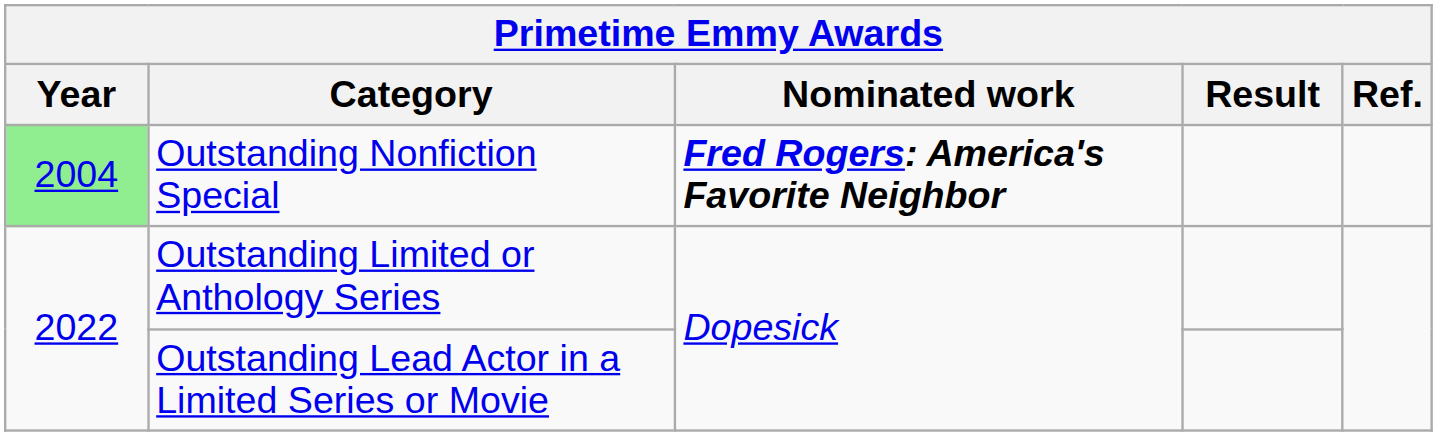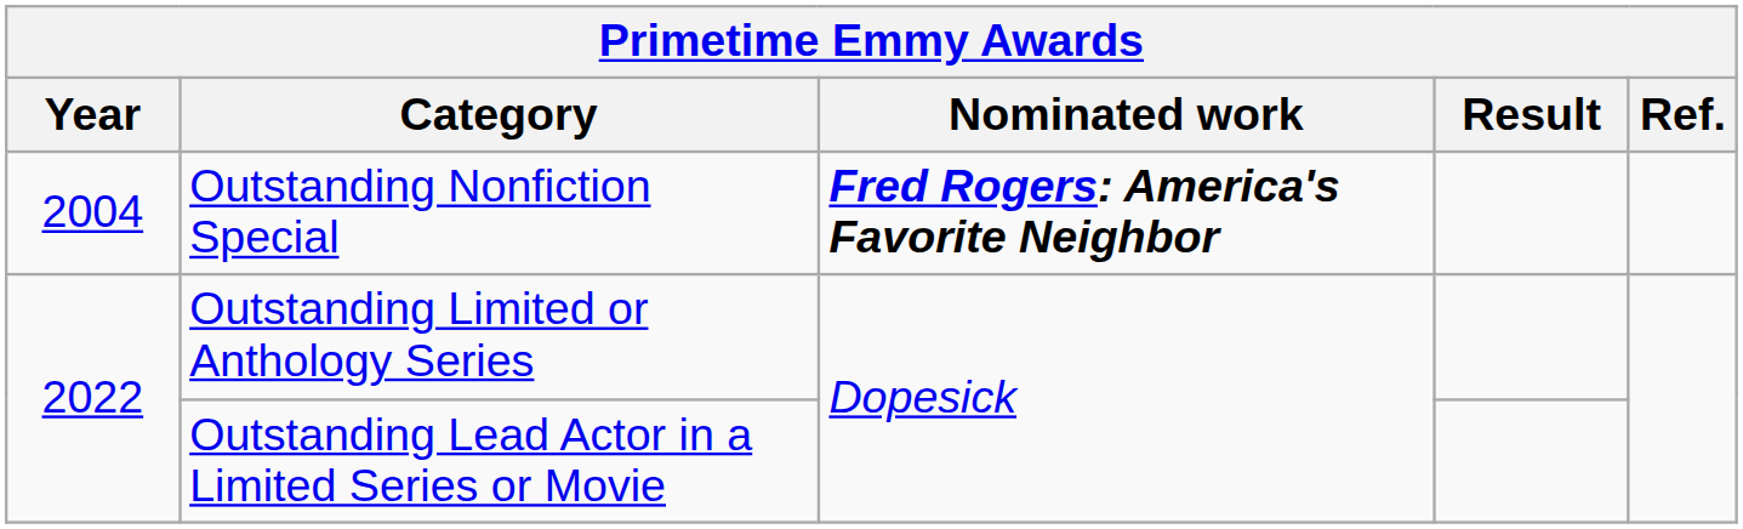 <table class=wikitable>
 <tr>
 <th colspan=5><a href='#'>Primetime Emmy Awards</a></th>
 </tr>
 <tr>
 <th scope="col" style="width:5em;">Year</th>
 <th scope="col" style="width:26em;">Category</th>
 <th scope="col" style="width:25em;">Nominated work</th>
 <th scope="col" style="width:5em;">Result</th>
 <th>Ref.</th>
 </tr>
 <tr>
-<td style="background: lightgreen; text-align:center;"><a href='#'>2004</a></td>
+<td style="text-align:center;"><a href='#'>2004</a></td>
 <td><a href='#'>Outstanding Nonfiction Special</a></td>
 <td><strong><em><a href='#'>Fred Rogers</a>: America's Favorite Neighbor</em></strong></td>
 <td></td>
 <td style="text-align:center;"></td>
 </tr>
 <tr>
 <td style="text-align:center;" rowspan="2"><a href='#'>2022</a></td>
 <td><a href='#'>Outstanding Limited or Anthology Series</a></td>
 <td rowspan="2"><em><a href='#'>Dopesick</a></em></td>
 <td></td>
 <td style="text-align:center;", rowspan=2></td>
 </tr>
 <tr>
 <td><a href='#'>Outstanding Lead Actor in a Limited Series or Movie</a></td>
 <td></td>
 </tr>
 </table>
